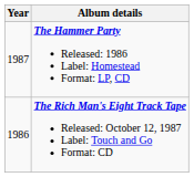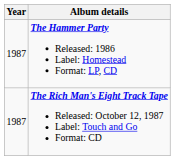 <table class ="wikitable">
 <tr>
 <th>Year</th>
 <th>Album details</th>
 </tr>
 <tr>
 <td>1987</td>
 <td><strong><em><a href='#'>The Hammer Party</a></em></strong><br><ul><li>Released: 1986</li><li>Label: <a href='#'>Homestead</a></li><li>Format: <a href='#'>LP</a>, <a href='#'>CD</a></li></ul></td>
 </tr>
 <tr>
-<td>1986</td>
+<td>1987</td>
 <td><strong><em><a href='#'>The Rich Man's Eight Track Tape</a></em></strong><br><ul><li>Released: October 12, 1987</li><li>Label: <a href='#'>Touch and Go</a></li><li>Format: CD</li></ul></td>
 </tr>
 </table>
